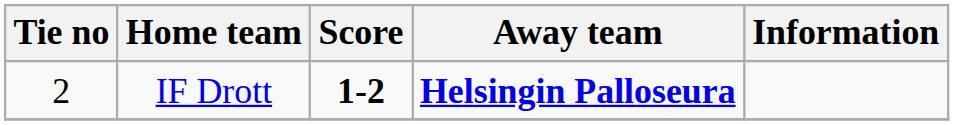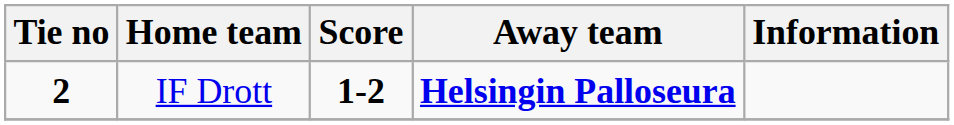 <table class="wikitable" style="text-align:center">
 <tr>
 <th style= width="40px">Tie no</th>
 <th style= width="150px">Home team</th>
 <th style= width="60px">Score</th>
 <th style= width="150px">Away team</th>
 <th style= width="30px">Information</th>
 </tr>
 <tr>
-<td>2</td>
+<td><strong>2</strong></td>
 <td><a href='#'>IF Drott</a></td>
 <td><strong>1-2</strong></td>
 <td><strong><a href='#'>Helsingin Palloseura</a></strong></td>
 <td></td>
 </tr>
 <tr>
 </tr>
 </table>
